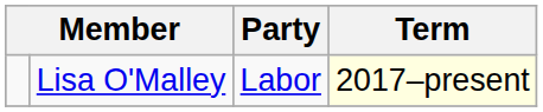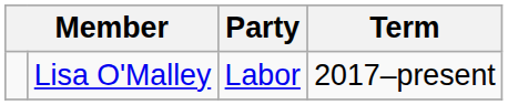 <table class="wikitable">
 <tr>
 <th colspan="2">Member</th>
 <th>Party</th>
 <th>Term</th>
 </tr>
 <tr>
 <td> </td>
 <td><a href='#'>Lisa O'Malley</a></td>
 <td><a href='#'>Labor</a></td>
-<td style="background: lightyellow;">2017–present</td>
+<td>2017–present</td>
 </tr>
 </table>
